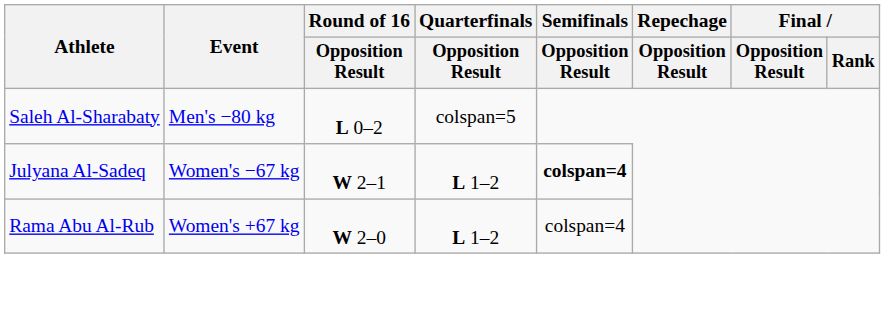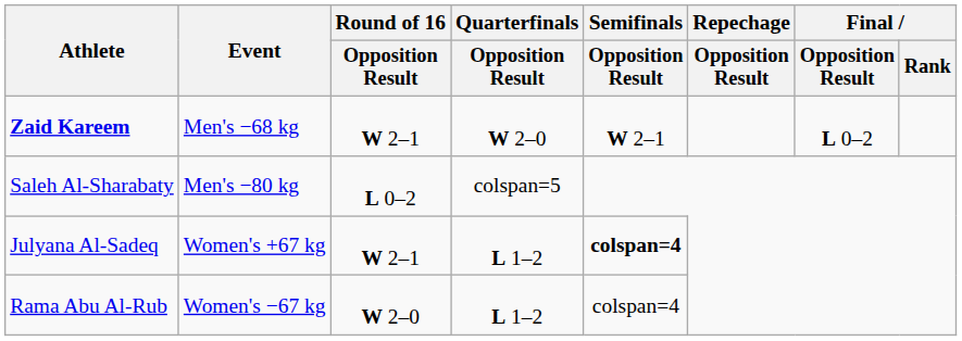 <table class=wikitable style=font-size:90%;text-align:center>
 <tr>
 <th rowspan=2>Athlete</th>
 <th rowspan=2>Event</th>
 <th>Round of 16</th>
 <th>Quarterfinals</th>
 <th>Semifinals</th>
 <th>Repechage</th>
 <th colspan=2>Final / </th>
 </tr>
 <tr style=font-size:95%>
 <th>Opposition<br>Result</th>
 <th>Opposition<br>Result</th>
 <th>Opposition<br>Result</th>
 <th>Opposition<br>Result</th>
 <th>Opposition<br>Result</th>
 <th>Rank</th>
 </tr>
 <tr>
+<td align=left><strong><a href='#'>Zaid Kareem</a></strong></td>
+<td align=left><a href='#'>Men's −68 kg</a></td>
+<td><br><strong>W</strong> 2–1</td>
+<td><br><strong>W</strong> 2–0</td>
+<td><br><strong>W</strong> 2–1</td>
+<td></td>
+<td><br><strong>L</strong> 0–2</td>
+<td></td>
+</tr>
+<tr>
 <td align=left><a href='#'>Saleh Al-Sharabaty</a></td>
 <td align=left><a href='#'>Men's −80 kg</a></td>
 <td><br><strong>L</strong> 0–2</td>
 <td>colspan=5 </td>
 </tr>
 <tr>
 <td align=left><a href='#'>Julyana Al-Sadeq</a></td>
-<td align=left><a href='#'>Women's −67 kg</a></td>
+<td align=left><a href='#'>Women's +67 kg</a></td>
 <td><br><strong>W</strong> 2–1</td>
 <td><br><strong>L</strong> 1–2</td>
 <td><strong>colspan=4 </strong></td>
 </tr>
 <tr>
 <td align=left><a href='#'>Rama Abu Al-Rub</a></td>
-<td align=left><a href='#'>Women's +67 kg</a></td>
+<td align=left><a href='#'>Women's −67 kg</a></td>
 <td><br><strong>W</strong> 2–0</td>
 <td><br><strong>L</strong> 1–2</td>
 <td>colspan=4 </td>
 </tr>
 </table>
